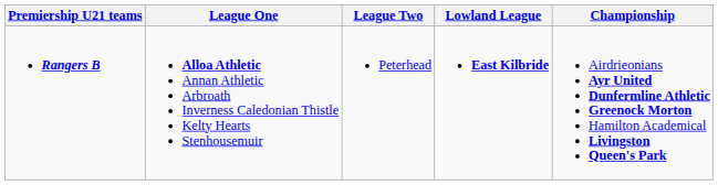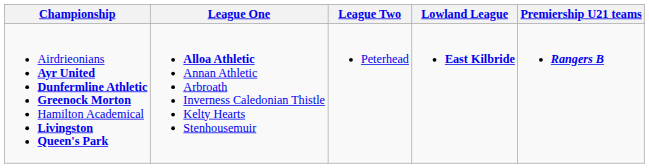 <table class="wikitable">
 <tr>
-<th><a href='#'>Premiership U21 teams</a></th>
+<th><a href='#'>Championship</a></th>
 <th><a href='#'>League One</a></th>
 <th><a href='#'>League Two</a></th>
 <th><a href='#'>Lowland League</a></th>
-<th><a href='#'>Championship</a></th>
+<th><a href='#'>Premiership U21 teams</a></th>
 </tr>
 <tr>
-<td valign="top"><br><ul><li><strong><em><a href='#'>Rangers B</a></em></strong></li></ul></td>
+<td valign="top"><br><ul><li><a href='#'>Airdrieonians</a></li><li><strong><a href='#'>Ayr United</a></strong></li><li><strong><a href='#'>Dunfermline Athletic</a></strong></li><li><strong><a href='#'>Greenock Morton</a></strong></li><li><a href='#'>Hamilton Academical</a></li><li><strong><a href='#'>Livingston</a></strong></li><li><strong><a href='#'>Queen's Park</a></strong></li></ul></td>
 <td valign="top"><br><ul><li><strong><a href='#'>Alloa Athletic</a></strong></li><li><a href='#'>Annan Athletic</a></li><li><a href='#'>Arbroath</a></li><li><a href='#'>Inverness Caledonian Thistle</a></li><li><a href='#'>Kelty Hearts</a></li><li><a href='#'>Stenhousemuir</a></li></ul></td>
 <td valign="top"><br><ul><li><a href='#'>Peterhead</a></li></ul></td>
 <td valign="top"><br><ul><li><strong><a href='#'>East Kilbride</a></strong></li></ul></td>
-<td valign="top"><br><ul><li><a href='#'>Airdrieonians</a></li><li><strong><a href='#'>Ayr United</a></strong></li><li><strong><a href='#'>Dunfermline Athletic</a></strong></li><li><strong><a href='#'>Greenock Morton</a></strong></li><li><a href='#'>Hamilton Academical</a></li><li><strong><a href='#'>Livingston</a></strong></li><li><strong><a href='#'>Queen's Park</a></strong></li></ul></td>
+<td valign="top"><br><ul><li><strong><em><a href='#'>Rangers B</a></em></strong></li></ul></td>
 </tr>
 </table>
